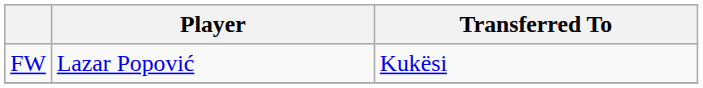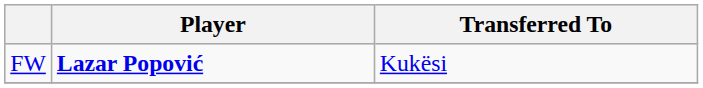 <table class="wikitable plainrowheaders sortable" style="font-size:95%">
 <tr>
 <th></th>
 <th scope=col style="width:200px;">Player</th>
 <th scope=col style="width:200px;">Transferred To</th>
 </tr>
 <tr>
 <td align=left><a href='#'>FW</a></td>
-<td align=left> <a href='#'>Lazar Popović</a></td>
+<td align=left><strong> <a href='#'>Lazar Popović</a></strong></td>
 <td align=left> <a href='#'>Kukësi</a></td>
 </tr>
 <tr>
 </tr>
 </table>
